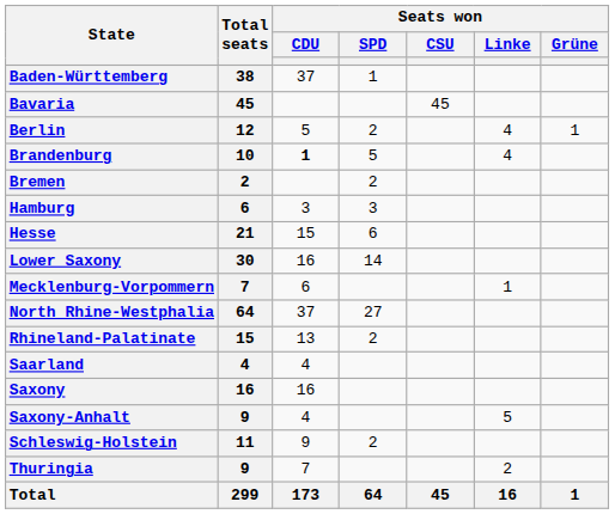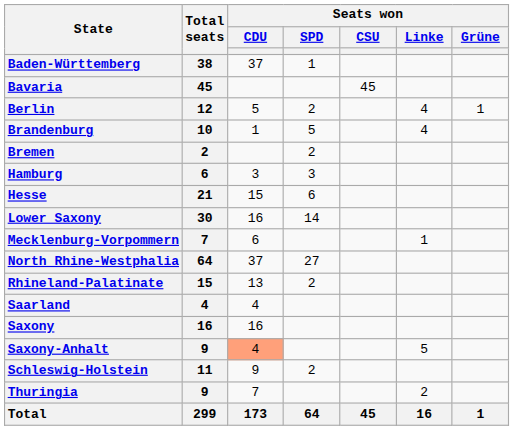 <table class="wikitable" style="text-align:center; font-size: 0.9em;">
 <tr>
 <th rowspan="3">State</th>
 <th rowspan="3">Total<br>seats</th>
 <th colspan="5">Seats won</th>
 </tr>
 <tr>
 <th class="unsortable" style="width:45px;"><a href='#'>CDU</a></th>
 <th class="unsortable" style="width:45px;"><a href='#'>SPD</a></th>
 <th class="unsortable" style="width:45px;"><a href='#'>CSU</a></th>
 <th class="unsortable" style="width:45px;"><a href='#'>Linke</a></th>
 <th class="unsortable" style="width:45px;"><a href='#'>Grüne</a></th>
 </tr>
 <tr>
 <th style="background:"></th>
 <th style="background:"></th>
 <th style="background:"></th>
 <th style="background:"></th>
 <th style="background:"></th>
 </tr>
 <tr>
 <th style="text-align: left;"><a href='#'>Baden-Württemberg</a></th>
 <th>38</th>
 <td>37</td>
 <td>1</td>
 <td></td>
 <td></td>
 <td></td>
 </tr>
 <tr>
 <th style="text-align: left;"><a href='#'>Bavaria</a></th>
 <th>45</th>
 <td></td>
 <td></td>
 <td>45</td>
 <td></td>
 <td></td>
 </tr>
 <tr>
 <th style="text-align: left;"><a href='#'>Berlin</a></th>
 <th>12</th>
 <td>5</td>
 <td>2</td>
 <td></td>
 <td>4</td>
 <td>1</td>
 </tr>
 <tr>
 <th style="text-align: left;"><a href='#'>Brandenburg</a></th>
 <th>10</th>
-<td><strong>1</strong></td>
+<td>1</td>
 <td>5</td>
 <td></td>
 <td>4</td>
 <td></td>
 </tr>
 <tr>
 <th style="text-align: left;"><a href='#'>Bremen</a></th>
 <th>2</th>
 <td></td>
 <td>2</td>
 <td></td>
 <td></td>
 <td></td>
 </tr>
 <tr>
 <th style="text-align: left;"><a href='#'>Hamburg</a></th>
 <th>6</th>
 <td>3</td>
 <td>3</td>
 <td></td>
 <td></td>
 <td></td>
 </tr>
 <tr>
 <th style="text-align: left;"><a href='#'>Hesse</a></th>
 <th>21</th>
 <td>15</td>
 <td>6</td>
 <td></td>
 <td></td>
 <td></td>
 </tr>
 <tr>
 <th style="text-align: left;"><a href='#'>Lower Saxony</a></th>
 <th>30</th>
 <td>16</td>
 <td>14</td>
 <td></td>
 <td></td>
 <td></td>
 </tr>
 <tr>
 <th style="text-align: left;"><a href='#'>Mecklenburg-Vorpommern</a></th>
 <th>7</th>
 <td>6</td>
 <td></td>
 <td></td>
 <td>1</td>
 <td></td>
 </tr>
 <tr>
 <th style="text-align: left;"><a href='#'>North Rhine-Westphalia</a></th>
 <th>64</th>
 <td>37</td>
 <td>27</td>
 <td></td>
 <td></td>
 <td></td>
 </tr>
 <tr>
 <th style="text-align: left;"><a href='#'>Rhineland-Palatinate</a></th>
 <th>15</th>
 <td>13</td>
 <td>2</td>
 <td></td>
 <td></td>
 <td></td>
 </tr>
 <tr>
 <th style="text-align: left;"><a href='#'>Saarland</a></th>
 <th>4</th>
 <td>4</td>
 <td></td>
 <td></td>
 <td></td>
 <td></td>
 </tr>
 <tr>
 <th style="text-align: left;"><a href='#'>Saxony</a></th>
 <th>16</th>
 <td>16</td>
 <td></td>
 <td></td>
 <td></td>
 <td></td>
 </tr>
 <tr>
 <th style="text-align: left;"><a href='#'>Saxony-Anhalt</a></th>
 <th>9</th>
-<td>4</td>
+<td style="background: lightsalmon;">4</td>
 <td></td>
 <td></td>
 <td>5</td>
 <td></td>
 </tr>
 <tr>
 <th style="text-align: left;"><a href='#'>Schleswig-Holstein</a></th>
 <th>11</th>
 <td>9</td>
 <td>2</td>
 <td></td>
 <td></td>
 <td></td>
 </tr>
 <tr>
 <th style="text-align: left;"><a href='#'>Thuringia</a></th>
 <th>9</th>
 <td>7</td>
 <td></td>
 <td></td>
 <td>2</td>
 <td></td>
 </tr>
 <tr class="sortbottom">
 <th style="text-align: left;">Total</th>
 <th>299</th>
 <th>173</th>
 <th>64</th>
 <th>45</th>
 <th>16</th>
 <th>1</th>
 </tr>
 </table>
